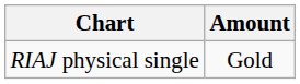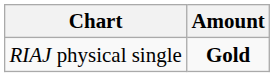 <table class="wikitable" style="text-align:center;">
 <tr>
 <th>Chart</th>
 <th>Amount</th>
 </tr>
 <tr>
 <td align="left"><em>RIAJ</em> physical single</td>
-<td>Gold</td>
+<td><strong>Gold</strong></td>
 </tr>
 </table>
